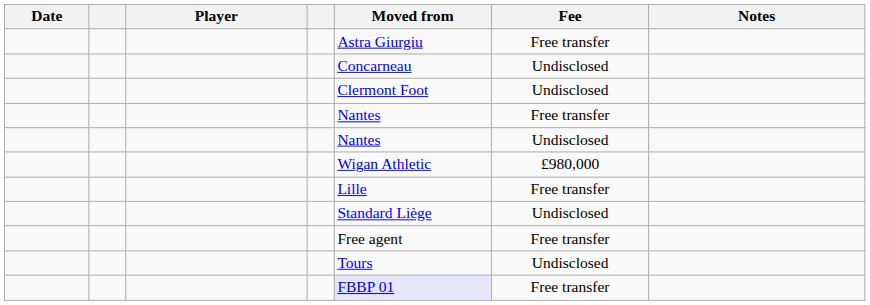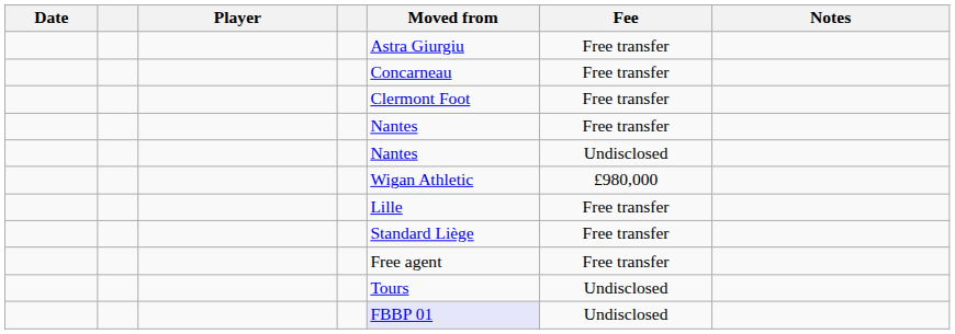 <table class="wikitable sortable">
 <tr>
 <th style="width:80px;">Date</th>
 <th style="width:30px;"></th>
 <th style="width:180px;">Player</th>
 <th style="width:20px;"></th>
 <th style="width:155px;">Moved from</th>
 <th style="width:155px;" class="unsortable">Fee</th>
 <th style="width:215px;" class="unsortable">Notes</th>
 </tr>
 <tr>
 <td></td>
 <td align=center></td>
 <td> </td>
 <td></td>
 <td> <a href='#'>Astra Giurgiu</a></td>
 <td align=center>Free transfer</td>
 <td align=center></td>
 </tr>
 <tr>
 <td></td>
 <td align=center></td>
 <td> </td>
 <td></td>
 <td> <a href='#'>Concarneau</a></td>
-<td align=center>Undisclosed</td>
+<td align=center>Free transfer</td>
 <td align=center></td>
 </tr>
 <tr>
 <td></td>
 <td align=center></td>
 <td> </td>
 <td></td>
 <td> <a href='#'>Clermont Foot</a></td>
-<td align=center>Undisclosed</td>
+<td align=center>Free transfer</td>
 <td align=center></td>
 </tr>
 <tr>
 <td></td>
 <td align=center></td>
 <td> </td>
 <td></td>
 <td> <a href='#'>Nantes</a></td>
 <td align=center>Free transfer</td>
 <td align=center></td>
 </tr>
 <tr>
 <td></td>
 <td align=center></td>
 <td> </td>
 <td></td>
 <td> <a href='#'>Nantes</a></td>
 <td align=center>Undisclosed</td>
 <td align=center></td>
 </tr>
 <tr>
 <td></td>
 <td align=center></td>
 <td> </td>
 <td></td>
 <td> <a href='#'>Wigan Athletic</a></td>
 <td align=center>£980,000</td>
 <td align=center></td>
 </tr>
 <tr>
 <td></td>
 <td align=center></td>
 <td> </td>
 <td></td>
 <td> <a href='#'>Lille</a></td>
 <td align=center>Free transfer</td>
 <td align=center></td>
 </tr>
 <tr>
 <td></td>
 <td align=center></td>
 <td> </td>
 <td></td>
 <td> <a href='#'>Standard Liège</a></td>
-<td align=center>Undisclosed</td>
+<td align=center>Free transfer</td>
 <td align=center></td>
 </tr>
 <tr>
 <td></td>
 <td align=center></td>
 <td> </td>
 <td></td>
 <td>Free agent</td>
 <td align=center>Free transfer</td>
 <td align=center></td>
 </tr>
 <tr>
 <td></td>
 <td align=center></td>
 <td> </td>
 <td></td>
 <td> <a href='#'>Tours</a></td>
 <td align=center>Undisclosed</td>
 <td align=center></td>
 </tr>
 <tr>
 <td></td>
 <td align=center></td>
 <td> </td>
 <td></td>
 <td style="background: lavender;"> <a href='#'>FBBP 01</a></td>
-<td align=center>Free transfer</td>
+<td align=center>Undisclosed</td>
 <td align=center></td>
 </tr>
 </table>
